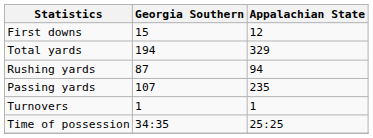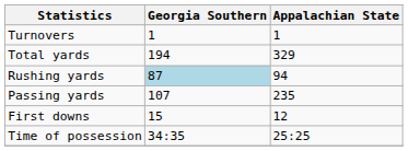 <table class="wikitable">
 <tr>
 <th>Statistics</th>
 <th>Georgia Southern</th>
 <th>Appalachian State</th>
 </tr>
 <tr>
-<td>First downs</td>
-<td>15</td>
-<td>12</td>
+<td>Turnovers</td>
+<td>1</td>
+<td>1</td>
 </tr>
 <tr>
 <td>Total yards</td>
 <td>194</td>
 <td>329</td>
 </tr>
 <tr>
 <td>Rushing yards</td>
-<td>87</td>
+<td style="background: lightblue;">87</td>
 <td>94</td>
 </tr>
 <tr>
 <td>Passing yards</td>
 <td>107</td>
 <td>235</td>
 </tr>
 <tr>
-<td>Turnovers</td>
-<td>1</td>
-<td>1</td>
+<td>First downs</td>
+<td>15</td>
+<td>12</td>
 </tr>
 <tr>
 <td>Time of possession</td>
 <td>34:35</td>
 <td>25:25</td>
 </tr>
 <tr>
 </tr>
 </table>
